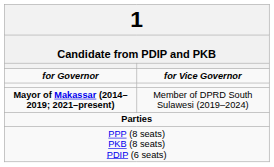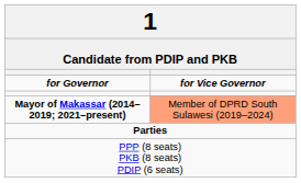 <table class="wikitable" style="font-size:90%; text-align:center;">
 <tr>
 <th colspan=2><big><big><big><big><big><strong>1</strong></big></big></big></big></big></th>
 </tr>
 <tr>
 <td colspan=2 style="background:#f1f1f1;"><br><strong><big>Candidate from PDIP and PKB</big></strong></td>
 </tr>
 <tr>
 <th style="width:3em; font-size:135%; background:#"><a href='#'></a></th>
 <th style="width:3em; font-size:135%; background:#"></th>
 </tr>
 <tr style="color:#000; font-size:100%; background:#">
 <td style="width:3em; width:200px;"><strong><em>for Governor</em></strong></td>
 <td style="width:3em; width:200px;"><strong><em>for Vice Governor</em></strong></td>
 </tr>
 <tr>
 <td></td>
 <td></td>
 </tr>
 <tr>
 <td><strong>Mayor of <a href='#'>Makassar</a> (2014–2019; 2021–present)</strong></td>
-<td>Member of DPRD South Sulawesi (2019–2024)</td>
+<td style="background: lightsalmon;">Member of DPRD South Sulawesi (2019–2024)</td>
 </tr>
 <tr>
 <td colspan=2 style="background:#"><strong>Parties</strong></td>
 </tr>
 <tr>
 <td colspan=2> <a href='#'>PPP</a> (8 seats)<br> <a href='#'>PKB</a> (8 seats)<br> <a href='#'>PDIP</a> (6 seats)</td>
 </tr>
 </table>
